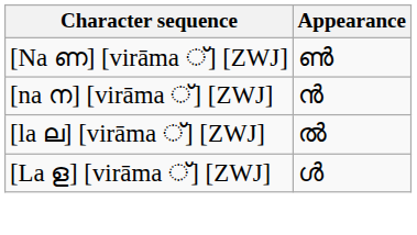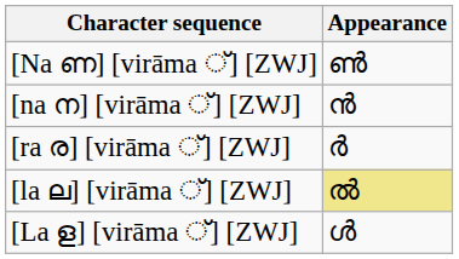 <table class="wikitable">
 <tr>
 <th>Character sequence</th>
 <th>Appearance</th>
 </tr>
 <tr>
 <td><big>[Na ണ] [virāma ്] [ZWJ]</big></td>
 <td><big>ണ്‍</big></td>
 </tr>
 <tr>
 <td><big>[na ന] [virāma ്] [ZWJ]</big></td>
 <td><big>ന്‍</big></td>
 </tr>
 <tr>
+<td><big>[ra ര] [virāma ്] [ZWJ] </big></td>
+<td><big>ര്‍</big></td>
+</tr>
+<tr>
 <td><big>[la ല] [virāma ്] [ZWJ] </big></td>
-<td><big>ല്‍</big></td>
+<td style="background: khaki;"><big>ല്‍</big></td>
 </tr>
 <tr>
 <td><big>[La ള] [virāma ്] [ZWJ] </big></td>
 <td><big>ള്‍</big></td>
 </tr>
 </table>
